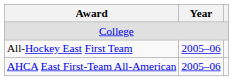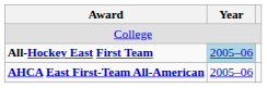 <table class="wikitable">
 <tr>
 <th>Award</th>
 <th>Year</th>
 <th></th>
 </tr>
 <tr ALIGN="center" bgcolor="#e0e0e0">
 <td colspan="3"><a href='#'>College</a></td>
 </tr>
 <tr>
-<td>All-<a href='#'>Hockey East</a> <a href='#'>First Team</a></td>
-<td><a href='#'>2005–06</a></td>
+<td><strong>All-<a href='#'>Hockey East</a> <a href='#'>First Team</a></strong></td>
+<td style="background: lightblue;"><a href='#'>2005–06</a></td>
 <td></td>
 </tr>
 <tr>
-<td><a href='#'>AHCA</a> <a href='#'>East First-Team All-American</a></td>
+<td><strong><a href='#'>AHCA</a> <a href='#'>East First-Team All-American</a></strong></td>
 <td><a href='#'>2005–06</a></td>
 <td></td>
 </tr>
 </table>
